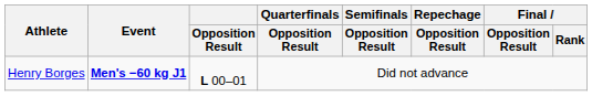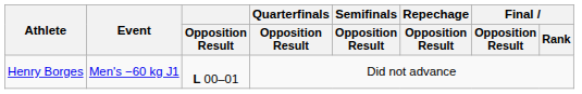 <table class=wikitable style=font-size:90%;text-align:center>
 <tr>
 <th rowspan=2>Athlete</th>
 <th rowspan=2>Event</th>
 <th></th>
 <th>Quarterfinals</th>
 <th>Semifinals</th>
 <th>Repechage</th>
 <th colspan=2>Final / </th>
 </tr>
 <tr style=font-size:95%>
 <th>Opposition<br>Result</th>
 <th>Opposition<br>Result</th>
 <th>Opposition<br>Result</th>
 <th>Opposition<br>Result</th>
 <th>Opposition<br>Result</th>
 <th>Rank</th>
 </tr>
 <tr>
 <td align=left><a href='#'>Henry Borges</a></td>
-<td align=left><strong><a href='#'>Men's −60 kg J1</a></strong></td>
+<td align=left><a href='#'>Men's −60 kg J1</a></td>
 <td><br><strong>L</strong> 00–01</td>
 <td colspan="5">Did not advance</td>
 </tr>
 </table>
